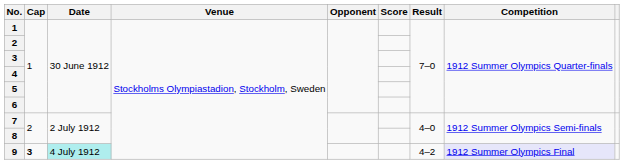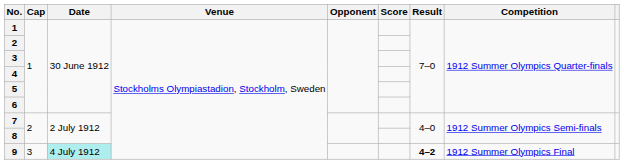 <table class="wikitable plainrowheaders sortable">
 <tr>
 <th scope=col>No.</th>
 <th scope=col>Cap</th>
 <th scope=col>Date</th>
 <th scope=col>Venue</th>
 <th scope=col>Opponent</th>
 <th scope=col>Score</th>
 <th scope=col>Result</th>
 <th scope=col>Competition</th>
 <th scope=col class=unsortable></th>
 </tr>
 <tr>
 <th scope=row>1</th>
 <td rowspan=6>1</td>
 <td rowspan=6>30 June 1912</td>
 <td rowspan=9><a href='#'>Stockholms Olympiastadion</a>, <a href='#'>Stockholm</a>, Sweden</td>
 <td rowspan=6></td>
 <td></td>
 <td rowspan=6 style="text-align:center;">7–0</td>
 <td rowspan=6><a href='#'>1912 Summer Olympics Quarter-finals</a></td>
 <td rowspan=6></td>
 </tr>
 <tr>
 <th scope=row>2</th>
 <td></td>
 </tr>
 <tr>
 <th scope=row>3</th>
 <td></td>
 </tr>
 <tr>
 <th scope=row>4</th>
 <td></td>
 </tr>
 <tr>
 <th scope=row>5</th>
 <td></td>
 </tr>
 <tr>
 <th scope=row>6</th>
 <td></td>
 </tr>
 <tr>
 <th scope=row>7</th>
 <td rowspan=2>2</td>
 <td rowspan=2>2 July 1912</td>
 <td rowspan=2></td>
 <td></td>
 <td rowspan=2 style="text-align:center;">4–0</td>
 <td rowspan=2><a href='#'>1912 Summer Olympics Semi-finals</a></td>
 <td rowspan=2></td>
 </tr>
 <tr>
 <th scope=row>8</th>
 <td></td>
 </tr>
 <tr>
 <th scope=row>9</th>
-<td><strong>3</strong></td>
+<td>3</td>
 <td style="background: paleturquoise;">4 July 1912</td>
 <td></td>
 <td></td>
-<td style="text-align:center;">4–2</td>
-<td style="background: lavender;"><a href='#'>1912 Summer Olympics Final</a></td>
+<td style="text-align:center;"><strong>4–2</strong></td>
+<td><a href='#'>1912 Summer Olympics Final</a></td>
 <td></td>
 </tr>
 </table>
